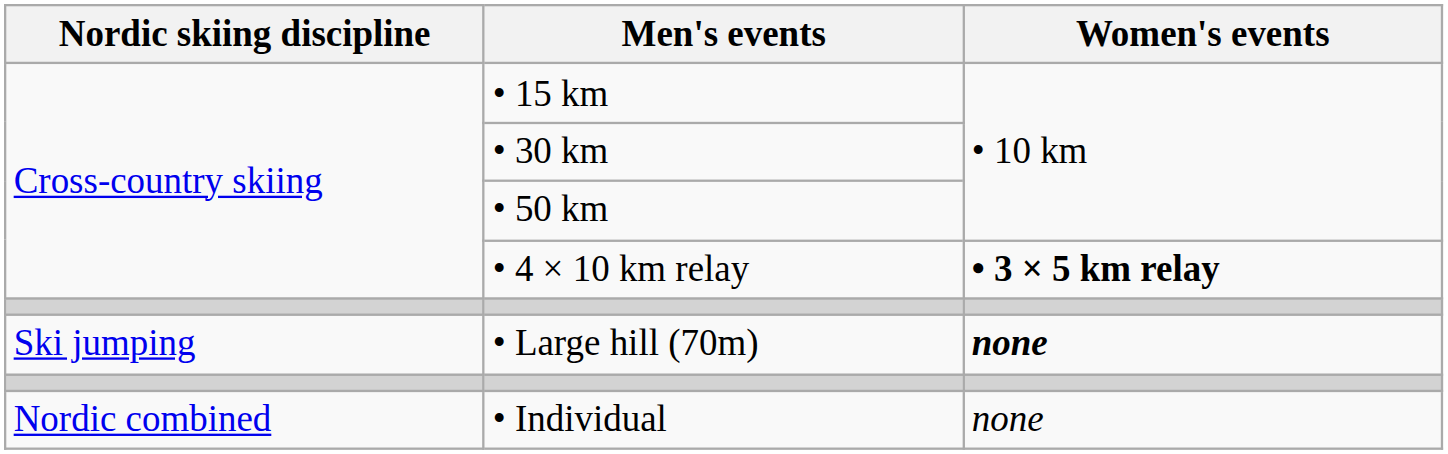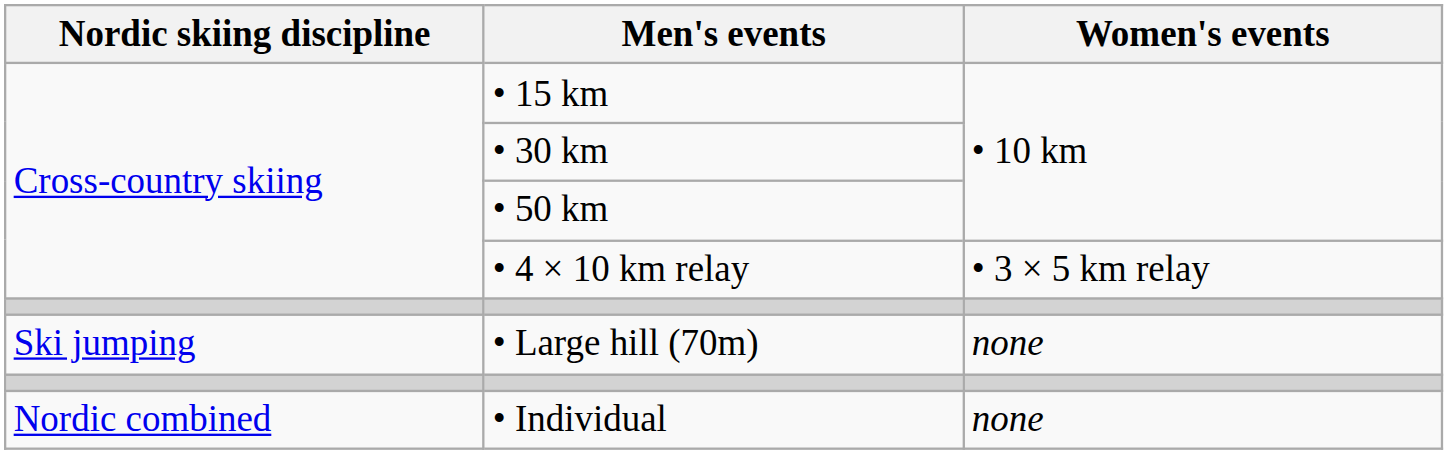 <table class="wikitable">
 <tr>
 <th width=200!>Nordic skiing discipline</th>
 <th width=200!>Men's events</th>
 <th width=200!>Women's events</th>
 </tr>
 <tr>
 <td rowspan=4><a href='#'>Cross-country skiing</a></td>
 <td>• 15 km</td>
 <td rowspan=3>• 10 km</td>
 </tr>
 <tr>
 <td>• 30 km</td>
 </tr>
 <tr>
 <td>• 50 km</td>
 </tr>
 <tr>
 <td>• 4 × 10 km relay</td>
-<td><strong>• 3 × 5 km relay</strong></td>
+<td>• 3 × 5 km relay</td>
 </tr>
 <tr bgcolor=lightgray>
 <td></td>
 <td></td>
 <td></td>
 </tr>
 <tr>
 <td><a href='#'>Ski jumping</a></td>
 <td>• Large hill (70m)</td>
-<td><strong><em>none</em></strong></td>
+<td><em>none</em></td>
 </tr>
 <tr bgcolor=lightgray>
 <td></td>
 <td></td>
 <td></td>
 </tr>
 <tr>
 <td><a href='#'>Nordic combined</a></td>
 <td>• Individual</td>
 <td><em>none</em></td>
 </tr>
 </table>
